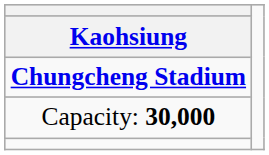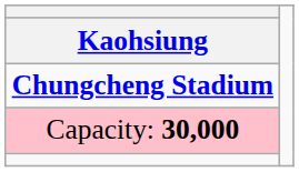 <table class="wikitable" style="text-align:center">
 <tr>
 <th></th>
 <td rowspan="7"></td>
 </tr>
 <tr>
 <th><a href='#'>Kaohsiung</a></th>
 </tr>
 <tr>
 <td><strong><a href='#'>Chungcheng Stadium</a></strong></td>
 </tr>
 <tr>
-<td>Capacity: <strong>30,000</strong></td>
+<td style="background: pink;">Capacity: <strong>30,000</strong></td>
 </tr>
 <tr>
 <td></td>
 </tr>
 </table>
